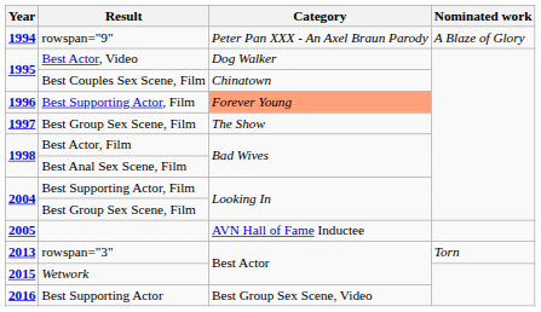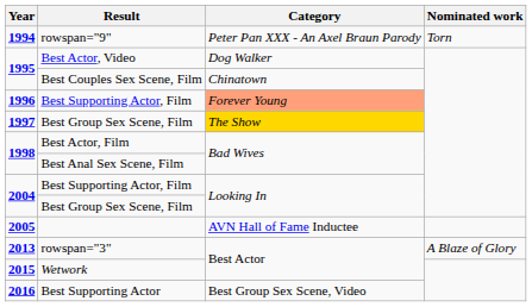 <table class="wikitable">
 <tr>
 <th>Year</th>
 <th>Result</th>
 <th>Category</th>
 <th>Nominated work</th>
 </tr>
 <tr>
 <td><strong><a href='#'>1994</a></strong></td>
 <td>rowspan="9" </td>
 <td><em>Peter Pan XXX - An Axel Braun Parody</em></td>
-<td><em>A Blaze of Glory</em></td>
+<td><em>Torn</em></td>
 </tr>
 <tr>
 <td rowspan="2"><strong><a href='#'>1995</a></strong></td>
 <td><a href='#'>Best Actor</a>, Video</td>
 <td><em>Dog Walker</em></td>
 </tr>
 <tr>
 <td>Best Couples Sex Scene, Film</td>
 <td><em>Chinatown</em></td>
 </tr>
 <tr>
 <td><strong><a href='#'>1996</a></strong></td>
 <td><a href='#'>Best Supporting Actor</a>, Film</td>
 <td style="background: lightsalmon;"><em>Forever Young</em></td>
 </tr>
 <tr>
 <td><strong><a href='#'>1997</a></strong></td>
 <td>Best Group Sex Scene, Film</td>
-<td><em>The Show</em></td>
+<td style="background: gold;"><em>The Show</em></td>
 </tr>
 <tr>
 <td rowspan="2"><strong><a href='#'>1998</a></strong></td>
 <td>Best Actor, Film</td>
 <td rowspan="2"><em>Bad Wives</em></td>
 </tr>
 <tr>
 <td>Best Anal Sex Scene, Film</td>
 </tr>
 <tr>
 <td rowspan="2"><strong><a href='#'>2004</a></strong></td>
 <td>Best Supporting Actor, Film</td>
 <td rowspan="2"><em>Looking In</em></td>
 </tr>
 <tr>
 <td>Best Group Sex Scene, Film</td>
 </tr>
 <tr>
 <td><strong><a href='#'>2005</a></strong></td>
 <td></td>
 <td><a href='#'>AVN Hall of Fame</a> Inductee</td>
 <td></td>
 </tr>
 <tr>
 <td><strong><a href='#'>2013</a></strong></td>
 <td>rowspan="3" </td>
 <td rowspan="2">Best Actor</td>
-<td><em>Torn</em></td>
+<td><em>A Blaze of Glory</em></td>
 </tr>
 <tr>
 <td><strong><a href='#'>2015</a></strong></td>
 <td><em>Wetwork</em></td>
 </tr>
 <tr>
 <td><strong><a href='#'>2016</a></strong></td>
 <td>Best Supporting Actor</td>
 <td>Best Group Sex Scene, Video</td>
 </tr>
 </table>
